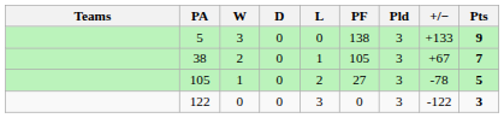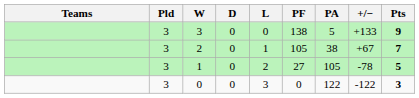 <table class="wikitable" style="text-align: center;">
 <tr>
 <th width="200">Teams</th>
-<th width="40">PA</th>
+<th width="40">Pld</th>
 <th width="40">W</th>
 <th width="40">D</th>
 <th width="40">L</th>
 <th width="40">PF</th>
-<th width="40">Pld</th>
+<th width="40">PA</th>
 <th width="40">+/−</th>
 <th width="40">Pts</th>
 </tr>
 <tr style="background-color:#bbf3bb;">
 <td align=left></td>
-<td>5</td>
+<td>3</td>
 <td>3</td>
 <td>0</td>
 <td>0</td>
 <td>138</td>
-<td>3</td>
+<td>5</td>
 <td>+133</td>
 <td><strong>9</strong></td>
 </tr>
 <tr style="background-color:#bbf3bb;">
 <td align=left></td>
-<td>38</td>
+<td>3</td>
 <td>2</td>
 <td>0</td>
 <td>1</td>
 <td>105</td>
-<td>3</td>
+<td>38</td>
 <td>+67</td>
 <td><strong>7</strong></td>
 </tr>
 <tr style="background-color:#bbf3bb;">
 <td align=left></td>
-<td>105</td>
+<td>3</td>
 <td>1</td>
 <td>0</td>
 <td>2</td>
 <td>27</td>
-<td>3</td>
+<td>105</td>
 <td>-78</td>
 <td><strong>5</strong></td>
 </tr>
 <tr>
 <td align=left></td>
-<td>122</td>
+<td>3</td>
 <td>0</td>
 <td>0</td>
 <td>3</td>
 <td>0</td>
-<td>3</td>
+<td>122</td>
 <td>-122</td>
 <td><strong>3</strong></td>
 </tr>
 </table>
